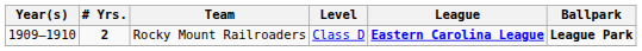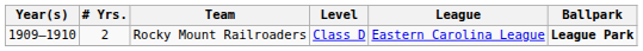 <table class="wikitable" style="text-align:center; font-size: 95%;">
 <tr>
 <th>Year(s)</th>
 <th># Yrs.</th>
 <th>Team</th>
 <th>Level</th>
 <th>League</th>
 <th>Ballpark</th>
 </tr>
 <tr>
 <td>1909–1910</td>
-<td><strong>2</strong></td>
+<td>2</td>
 <td>Rocky Mount Railroaders</td>
 <td><a href='#'>Class D</a></td>
-<td><strong><a href='#'>Eastern Carolina League</a></strong></td>
+<td><a href='#'>Eastern Carolina League</a></td>
 <td><strong>League Park</strong></td>
 </tr>
 <tr>
 </tr>
 </table>
